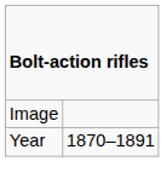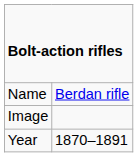 <table class="wikitable">
 <tr>
 <td colspan="2"><br><h4>Bolt-action rifles</h4></td>
+</tr>
+<tr>
+<td>Name</td>
+<td><a href='#'>Berdan rifle</a></td>
 </tr>
 <tr>
 <td>Image</td>
 <td></td>
 </tr>
 <tr>
 <td>Year</td>
 <td>1870–1891</td>
 </tr>
 </table>
